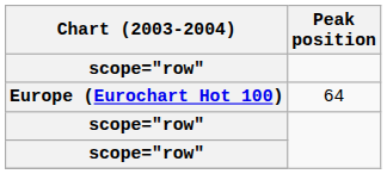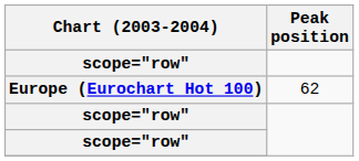 <table class="wikitable sortable plainrowheaders">
 <tr>
 <th>Chart (2003-2004)</th>
 <th>Peak <br>position</th>
 </tr>
 <tr>
 <th>scope="row"</th>
 </tr>
 <tr>
 <th scope="row">Europe (<a href='#'>Eurochart Hot 100</a>)</th>
-<td align="center">64</td>
+<td align="center">62</td>
 </tr>
 <tr>
 <th>scope="row"</th>
 </tr>
 <tr>
 <th>scope="row"</th>
 </tr>
 <tr>
 </tr>
 </table>
